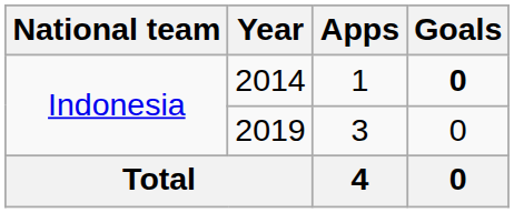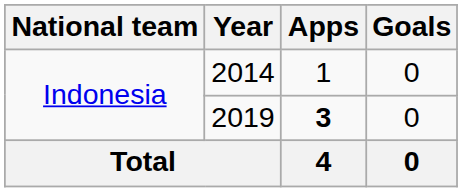 <table class=wikitable style=text-align:center>
 <tr>
 <th>National team</th>
 <th>Year</th>
 <th>Apps</th>
 <th>Goals</th>
 </tr>
 <tr>
 <td rowspan=2><a href='#'>Indonesia</a></td>
 <td>2014</td>
 <td>1</td>
-<td><strong>0</strong></td>
+<td>0</td>
 </tr>
 <tr>
 <td>2019</td>
-<td>3</td>
+<td><strong>3</strong></td>
 <td>0</td>
 </tr>
 <tr>
 <th colspan=2>Total</th>
 <th>4</th>
 <th>0</th>
 </tr>
 </table>
